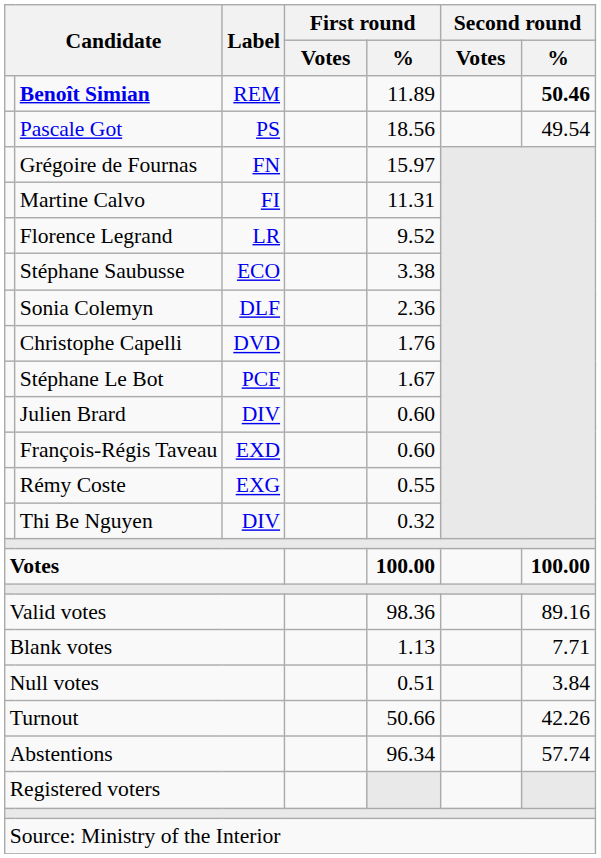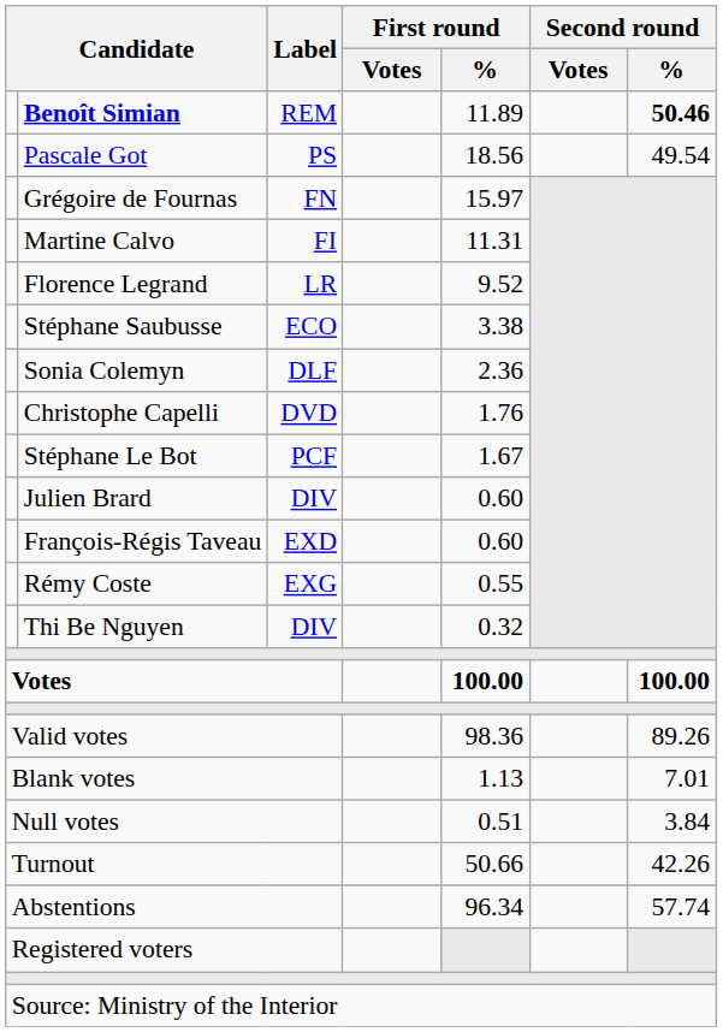 <table class="wikitable" style="text-align:right;font-size:95%;">
 <tr>
 <th rowspan="2" colspan="2">Candidate</th>
 <th rowspan="2">Label</th>
 <th colspan="2">First round</th>
 <th colspan="2">Second round</th>
 </tr>
 <tr>
 <th style="width:50px;">Votes</th>
 <th style="width:45px;">%</th>
 <th style="width:50px;">Votes</th>
 <th style="width:45px;">%</th>
 </tr>
 <tr>
 <td style="color:inherit;background:"></td>
 <td style="text-align:left;"><strong><a href='#'>Benoît Simian</a></strong></td>
 <td><a href='#'>REM</a></td>
 <td></td>
 <td>11.89</td>
 <td><strong></strong></td>
 <td><strong>50.46</strong></td>
 </tr>
 <tr>
 <td style="color:inherit;background:"></td>
 <td style="text-align:left;"><a href='#'>Pascale Got</a></td>
 <td><a href='#'>PS</a></td>
 <td></td>
 <td>18.56</td>
 <td></td>
 <td>49.54</td>
 </tr>
 <tr>
 <td style="color:inherit;background:"></td>
 <td style="text-align:left;">Grégoire de Fournas</td>
 <td><a href='#'>FN</a></td>
 <td></td>
 <td>15.97</td>
 <td colspan="2" rowspan="11" style="background:#E9E9E9;"></td>
 </tr>
 <tr>
 <td style="color:inherit;background:"></td>
 <td style="text-align:left;">Martine Calvo</td>
 <td><a href='#'>FI</a></td>
 <td></td>
 <td>11.31</td>
 </tr>
 <tr>
 <td style="color:inherit;background:"></td>
 <td style="text-align:left;">Florence Legrand</td>
 <td><a href='#'>LR</a></td>
 <td></td>
 <td>9.52</td>
 </tr>
 <tr>
 <td style="color:inherit;background:"></td>
 <td style="text-align:left;">Stéphane Saubusse</td>
 <td><a href='#'>ECO</a></td>
 <td></td>
 <td>3.38</td>
 </tr>
 <tr>
 <td style="color:inherit;background:"></td>
 <td style="text-align:left;">Sonia Colemyn</td>
 <td><a href='#'>DLF</a></td>
 <td></td>
 <td>2.36</td>
 </tr>
 <tr>
 <td style="color:inherit;background:"></td>
 <td style="text-align:left;">Christophe Capelli</td>
 <td><a href='#'>DVD</a></td>
 <td></td>
 <td>1.76</td>
 </tr>
 <tr>
 <td style="color:inherit;background:"></td>
 <td style="text-align:left;">Stéphane Le Bot</td>
 <td><a href='#'>PCF</a></td>
 <td></td>
 <td>1.67</td>
 </tr>
 <tr>
 <td style="color:inherit;background:"></td>
 <td style="text-align:left;">Julien Brard</td>
 <td><a href='#'>DIV</a></td>
 <td></td>
 <td>0.60</td>
 </tr>
 <tr>
 <td style="color:inherit;background:"></td>
 <td style="text-align:left;">François-Régis Taveau</td>
 <td><a href='#'>EXD</a></td>
 <td></td>
 <td>0.60</td>
 </tr>
 <tr>
 <td style="color:inherit;background:"></td>
 <td style="text-align:left;">Rémy Coste</td>
 <td><a href='#'>EXG</a></td>
 <td></td>
 <td>0.55</td>
 </tr>
 <tr>
 <td style="color:inherit;background:"></td>
 <td style="text-align:left;">Thi Be Nguyen</td>
 <td><a href='#'>DIV</a></td>
 <td></td>
 <td>0.32</td>
 </tr>
 <tr>
 <td colspan="7" style="background:#E9E9E9;"></td>
 </tr>
 <tr style="font-weight:bold;">
 <td colspan="3" style="text-align:left;">Votes</td>
 <td></td>
 <td>100.00</td>
 <td></td>
 <td>100.00</td>
 </tr>
 <tr>
 <td colspan="7" style="background:#E9E9E9;"></td>
 </tr>
 <tr>
 <td colspan="3" style="text-align:left;">Valid votes</td>
 <td></td>
 <td>98.36</td>
 <td></td>
-<td>89.16</td>
+<td>89.26</td>
 </tr>
 <tr>
 <td colspan="3" style="text-align:left;">Blank votes</td>
 <td></td>
 <td>1.13</td>
 <td></td>
-<td>7.71</td>
+<td>7.01</td>
 </tr>
 <tr>
 <td colspan="3" style="text-align:left;">Null votes</td>
 <td></td>
 <td>0.51</td>
 <td></td>
 <td>3.84</td>
 </tr>
 <tr>
 <td colspan="3" style="text-align:left;">Turnout</td>
 <td></td>
 <td>50.66</td>
 <td></td>
 <td>42.26</td>
 </tr>
 <tr>
 <td colspan="3" style="text-align:left;">Abstentions</td>
 <td></td>
 <td>96.34</td>
 <td></td>
 <td>57.74</td>
 </tr>
 <tr>
 <td colspan="3" style="text-align:left;">Registered voters</td>
 <td></td>
 <td style="color:inherit;background:#E9E9E9;"></td>
 <td></td>
 <td style="color:inherit;background:#E9E9E9;"></td>
 </tr>
 <tr>
 <td colspan="7" style="background:#E9E9E9;"></td>
 </tr>
 <tr>
 <td colspan="7" style="text-align:left;">Source: Ministry of the Interior</td>
 </tr>
 </table>
